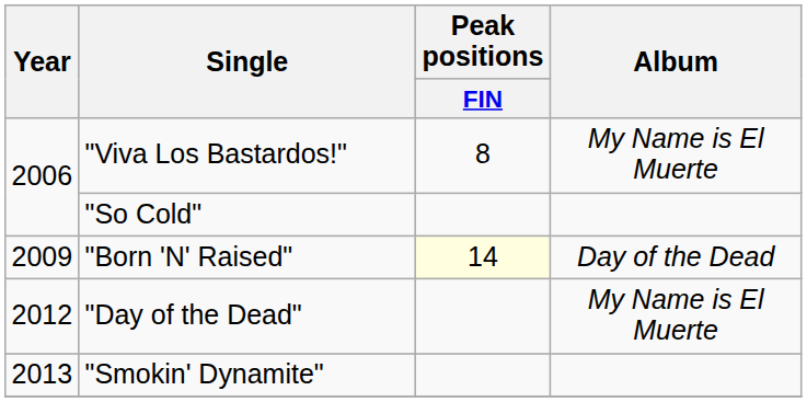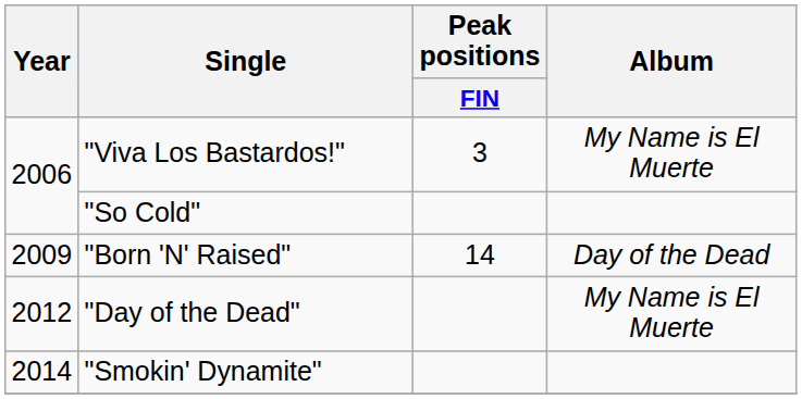 <table class="wikitable">
 <tr>
 <th align="center" rowspan="2" width="10">Year</th>
 <th align="center" rowspan="2" width="190">Single</th>
 <th align="center" colspan="1" width="20">Peak positions</th>
 <th align="center" rowspan="2" width="140">Album</th>
 </tr>
 <tr>
 <th scope="col" style="width:3em;font-size:90%;"><a href='#'>FIN</a></th>
 </tr>
 <tr>
 <td style="text-align:center;" rowspan=2>2006</td>
 <td>"Viva Los Bastardos!"</td>
-<td style="text-align:center;">8</td>
+<td style="text-align:center;">3</td>
 <td style="text-align:center;"><em>My Name is El Muerte</em></td>
 </tr>
 <tr>
 <td>"So Cold"</td>
 <td style="text-align:center;"></td>
 <td style="text-align:center;"></td>
 </tr>
 <tr>
 <td style="text-align:center;">2009</td>
 <td>"Born 'N' Raised"</td>
-<td style="background: lightyellow; text-align:center;">14</td>
+<td style="text-align:center;">14</td>
 <td style="text-align:center;"><em>Day of the Dead</em></td>
 </tr>
 <tr>
 <td style="text-align:center;">2012</td>
 <td>"Day of the Dead"</td>
 <td style="text-align:center;"></td>
 <td style="text-align:center;"><em>My Name is El Muerte</em></td>
 </tr>
 <tr>
-<td style="text-align:center;">2013</td>
+<td style="text-align:center;">2014</td>
 <td>"Smokin' Dynamite"</td>
 <td style="text-align:center;"></td>
 <td style="text-align:center;"></td>
 </tr>
 <tr>
 </tr>
 </table>
